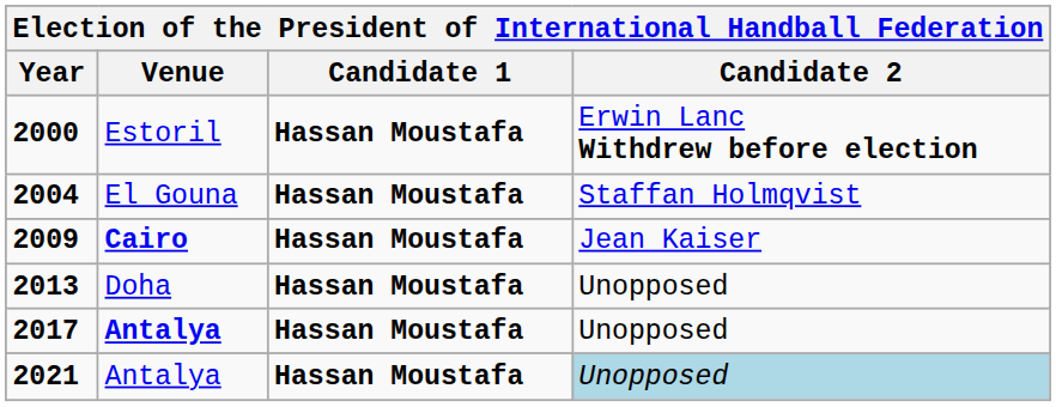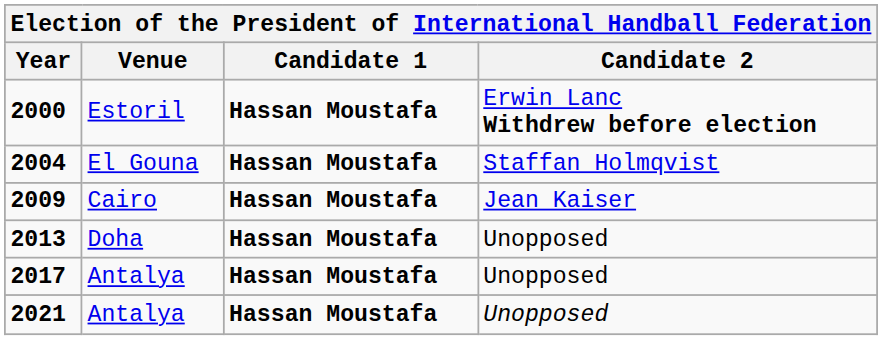 <table class="wikitable">
 <tr>
 <th colspan="4">Election of the President of <a href='#'>International Handball Federation</a></th>
 </tr>
 <tr>
 <th>Year</th>
 <th>Venue</th>
 <th>Candidate 1</th>
 <th>Candidate 2</th>
 </tr>
 <tr>
 <td><strong>2000</strong></td>
 <td> <a href='#'>Estoril</a></td>
 <td> <strong>Hassan Moustafa</strong> <br> <strong></strong></td>
 <td> <a href='#'>Erwin Lanc</a> <br> <strong>Withdrew before election</strong></td>
 </tr>
 <tr>
 <td><strong>2004</strong></td>
 <td> <a href='#'>El Gouna</a></td>
 <td> <strong>Hassan Moustafa</strong> <br> <strong></strong></td>
 <td> <a href='#'>Staffan Holmqvist</a> <br> <strong></strong></td>
 </tr>
 <tr>
 <td><strong>2009</strong></td>
-<td><strong> <a href='#'>Cairo</a></strong></td>
+<td> <a href='#'>Cairo</a></td>
 <td> <strong>Hassan Moustafa</strong> <br> <strong></strong></td>
 <td> <a href='#'>Jean Kaiser</a> <br> <strong></strong></td>
 </tr>
 <tr>
 <td><strong>2013</strong></td>
 <td> <a href='#'>Doha</a></td>
 <td> <strong>Hassan Moustafa</strong> <br> <strong></strong></td>
 <td>Unopposed</td>
 </tr>
 <tr>
 <td><strong>2017</strong></td>
-<td><strong> <a href='#'>Antalya</a></strong></td>
+<td> <a href='#'>Antalya</a></td>
 <td> <strong>Hassan Moustafa</strong> <br> <strong></strong></td>
 <td>Unopposed</td>
 </tr>
 <tr>
 <td><strong>2021</strong></td>
 <td> <a href='#'>Antalya</a></td>
 <td> <strong>Hassan Moustafa</strong> <br> <strong></strong></td>
-<td style="background: lightblue;"><em>Unopposed</em></td>
+<td><em>Unopposed</em></td>
 </tr>
 </table>
